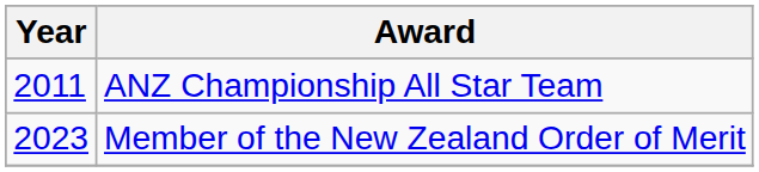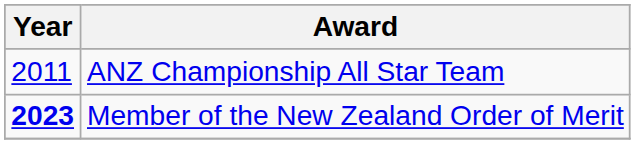 <table class="wikitable collapsible">
 <tr>
 <th>Year</th>
 <th>Award</th>
 </tr>
 <tr>
 <td><a href='#'>2011</a></td>
 <td><a href='#'>ANZ Championship All Star Team</a></td>
 </tr>
 <tr>
-<td><a href='#'>2023</a></td>
+<td><strong><a href='#'>2023</a></strong></td>
 <td><a href='#'>Member of the New Zealand Order of Merit</a></td>
 </tr>
 <tr>
 </tr>
 </table>
